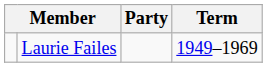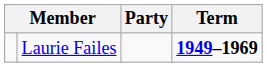 <table class="wikitable">
 <tr>
 <th colspan="2">Member</th>
 <th>Party</th>
 <th>Term</th>
 </tr>
 <tr>
 <td> </td>
 <td><a href='#'>Laurie Failes</a></td>
 <td></td>
-<td><a href='#'>1949</a>–1969</td>
+<td><strong><a href='#'>1949</a>–1969</strong></td>
 </tr>
 </table>
